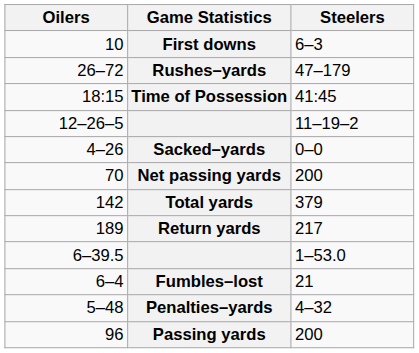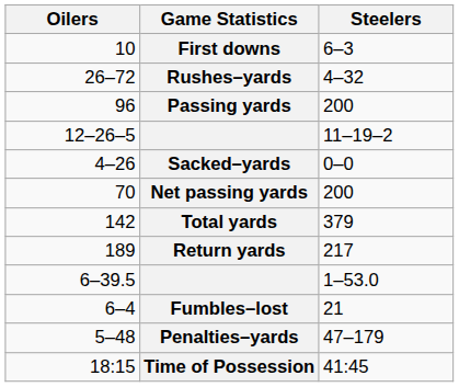 <table class="wikitable" style="margin: 1em auto 1em auto">
 <tr>
 <th style="width:30%;">Oilers</th>
 <th style="width:40%;">Game Statistics</th>
 <th style="width:30%;">Steelers</th>
 </tr>
 <tr>
 <td style="text-align:right;">10</td>
 <th>First downs</th>
 <td>6–3</td>
 </tr>
 <tr>
 <td style="text-align:right;">26–72</td>
 <th>Rushes–yards</th>
-<td>47–179</td>
+<td>4–32</td>
 </tr>
 <tr>
-<td style="text-align:right;">18:15</td>
-<th>Time of Possession</th>
-<td>41:45</td>
+<td style="text-align:right;">96</td>
+<th>Passing yards</th>
+<td>200</td>
 </tr>
 <tr>
 <td style="text-align:right;">12–26–5</td>
 <th></th>
 <td>11–19–2</td>
 </tr>
 <tr>
 <td style="text-align:right;">4–26</td>
 <th>Sacked–yards</th>
 <td>0–0</td>
 </tr>
 <tr>
 <td style="text-align:right;">70</td>
 <th>Net passing yards</th>
 <td>200</td>
 </tr>
 <tr>
 <td style="text-align:right;">142</td>
 <th>Total yards</th>
 <td>379</td>
 </tr>
 <tr>
 <td style="text-align:right;">189</td>
 <th>Return yards</th>
 <td>217</td>
 </tr>
 <tr>
 <td style="text-align:right;">6–39.5</td>
 <th></th>
 <td>1–53.0</td>
 </tr>
 <tr>
 <td style="text-align:right;">6–4</td>
 <th>Fumbles–lost</th>
 <td>21</td>
 </tr>
 <tr>
 <td style="text-align:right;">5–48</td>
 <th>Penalties–yards</th>
-<td>4–32</td>
+<td>47–179</td>
 </tr>
 <tr>
-<td style="text-align:right;">96</td>
-<th>Passing yards</th>
-<td>200</td>
+<td style="text-align:right;">18:15</td>
+<th>Time of Possession</th>
+<td>41:45</td>
 </tr>
 </table>
